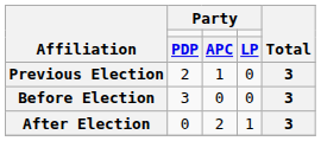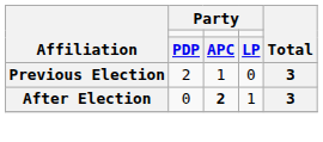 <table class=wikitable style="text-align:center">
 <tr style="vertical-align:bottom;">
 <th rowspan=3>Affiliation</th>
 <th colspan=3>Party</th>
 <th rowspan=3>Total</th>
 </tr>
 <tr>
 <td style="background-color:"></td>
 <td style="background-color:"></td>
 <td style="background-color:"></td>
 </tr>
 <tr>
 <th><a href='#'>PDP</a></th>
 <th><a href='#'>APC</a></th>
 <th><a href='#'>LP</a></th>
 </tr>
 <tr>
 <th>Previous Election</th>
 <td>2</td>
 <td>1</td>
 <td>0</td>
 <th>3</th>
 </tr>
 <tr>
-<th>Before Election</th>
-<td>3</td>
-<td>0</td>
-<td>0</td>
-<th>3</th>
-</tr>
-<tr>
 <th>After Election</th>
 <td>0</td>
-<td>2</td>
+<td><strong>2</strong></td>
 <td>1</td>
 <th>3</th>
 </tr>
 <tr>
 </tr>
 </table>
